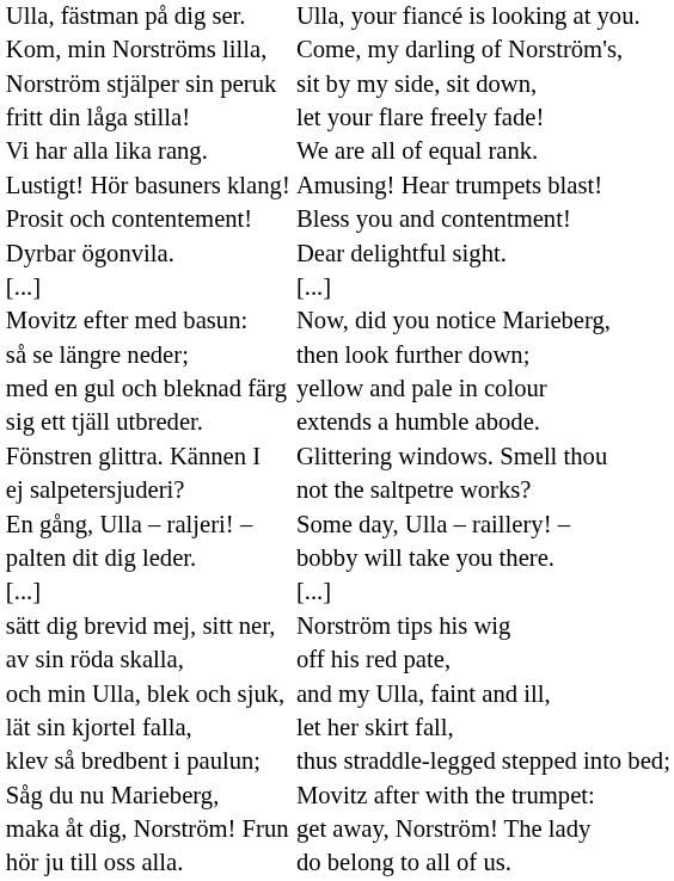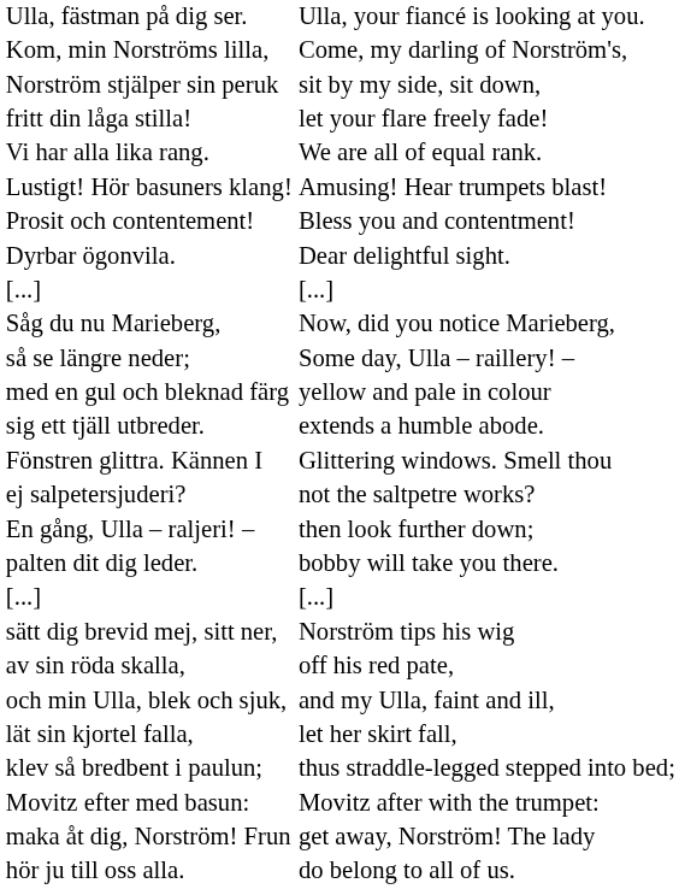 <table>
 <tr>
 <td>Ulla, fästman på dig ser.</td>
 <td>Ulla, your fiancé is looking at you.</td>
 </tr>
 <tr>
 <td>Kom, min Norströms lilla,</td>
 <td>Come, my darling of Norström's,</td>
 </tr>
 <tr>
 <td>Norström stjälper sin peruk</td>
 <td>sit by my side, sit down,</td>
 </tr>
 <tr>
 <td>fritt din låga stilla!</td>
 <td>let your flare freely fade!</td>
 </tr>
 <tr>
 <td>Vi har alla lika rang.</td>
 <td>We are all of equal rank.</td>
 </tr>
 <tr>
 <td>Lustigt! Hör basuners klang!</td>
 <td>Amusing! Hear trumpets blast!</td>
 </tr>
 <tr>
 <td>Prosit och contentement!</td>
 <td>Bless you and contentment!</td>
 </tr>
 <tr>
 <td>Dyrbar ögonvila.</td>
 <td>Dear delightful sight.</td>
 </tr>
 <tr>
 <td>[...]</td>
 <td>[...]</td>
 </tr>
 <tr>
-<td>Movitz efter med basun:</td>
+<td>Såg du nu Marieberg,</td>
 <td>Now, did you notice Marieberg,</td>
 </tr>
 <tr>
 <td>så se längre neder;</td>
-<td>then look further down;</td>
+<td>Some day, Ulla – raillery! –</td>
 </tr>
 <tr>
 <td>med en gul och bleknad färg</td>
 <td>yellow and pale in colour</td>
 </tr>
 <tr>
 <td>sig ett tjäll utbreder.</td>
 <td>extends a humble abode.</td>
 </tr>
 <tr>
 <td>Fönstren glittra. Kännen I</td>
 <td>Glittering windows. Smell thou</td>
 </tr>
 <tr>
 <td>ej salpetersjuderi?</td>
 <td>not the saltpetre works?</td>
 </tr>
 <tr>
 <td>En gång, Ulla – raljeri! –</td>
-<td>Some day, Ulla – raillery! –</td>
+<td>then look further down;</td>
 </tr>
 <tr>
 <td>palten dit dig leder.</td>
 <td>bobby will take you there.</td>
 </tr>
 <tr>
 <td>[...]</td>
 <td>[...]</td>
 </tr>
 <tr>
 <td>sätt dig brevid mej, sitt ner,</td>
 <td>Norström tips his wig</td>
 </tr>
 <tr>
 <td>av sin röda skalla,</td>
 <td>off his red pate,</td>
 </tr>
 <tr>
 <td>och min Ulla, blek och sjuk,</td>
 <td>and my Ulla, faint and ill,</td>
 </tr>
 <tr>
 <td>lät sin kjortel falla,</td>
 <td>let her skirt fall,</td>
 </tr>
 <tr>
 <td>klev så bredbent i paulun;</td>
 <td>thus straddle-legged stepped into bed;</td>
 </tr>
 <tr>
-<td>Såg du nu Marieberg,</td>
+<td>Movitz efter med basun:</td>
 <td>Movitz after with the trumpet:</td>
 </tr>
 <tr>
 <td>maka åt dig, Norström! Frun</td>
 <td>get away, Norström! The lady</td>
 </tr>
 <tr>
 <td>hör ju till oss alla.</td>
 <td>do belong to all of us.</td>
 </tr>
 </table>
